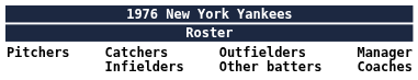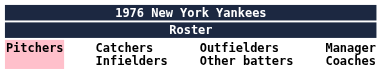 <table class="toccolours" style="font-size: 95%;">
 <tr>
 <th colspan="10" style="background-color: #1c2841; color: white; text-align: center;">1976 New York Yankees</th>
 </tr>
 <tr>
 <td colspan="10" style="background-color: #1c2841; color: white; text-align: center;"><strong>Roster</strong></td>
 </tr>
 <tr>
-<td valign="top"><strong>Pitchers</strong><br>             </td>
+<td valign="top" style="background: pink;"><strong>Pitchers</strong><br>             </td>
 <td width="25px"></td>
 <td valign="top"><strong>Catchers</strong><br>    <strong>Infielders</strong>        </td>
 <td width="25px"></td>
 <td valign="top"><strong>Outfielders</strong><br>             <strong>Other batters</strong> </td>
 <td width="25px"></td>
 <td valign="top"><strong>Manager</strong><br> <strong>Coaches</strong>     </td>
 </tr>
 </table>
